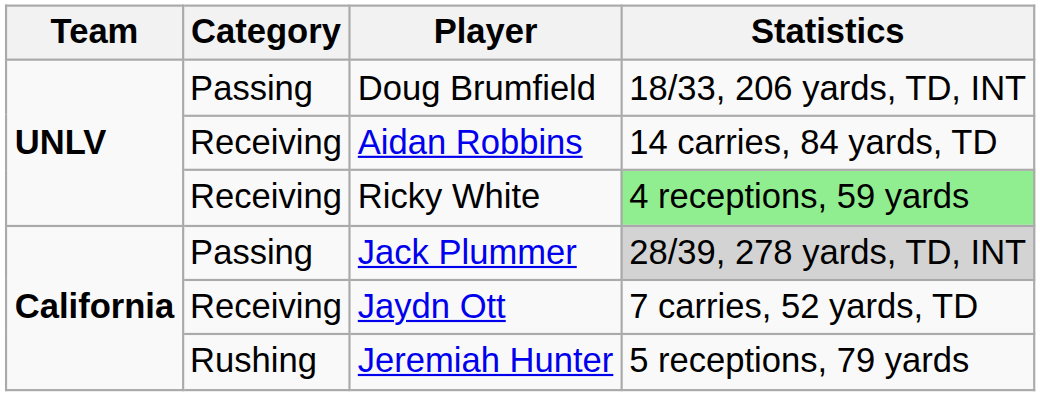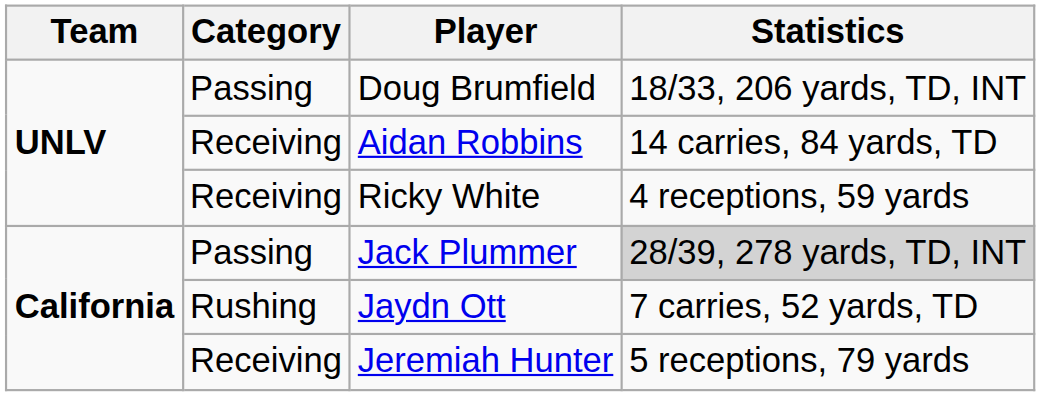 <table class="wikitable" style="float: right;">
 <tr>
 <th>Team</th>
 <th>Category</th>
 <th>Player</th>
 <th>Statistics</th>
 </tr>
 <tr>
 <td rowspan=3><strong>UNLV</strong></td>
 <td>Passing</td>
 <td>Doug Brumfield</td>
 <td>18/33, 206 yards, TD, INT</td>
 </tr>
 <tr>
 <td>Receiving</td>
 <td><a href='#'>Aidan Robbins</a></td>
 <td>14 carries, 84 yards, TD</td>
 </tr>
 <tr>
 <td>Receiving</td>
 <td>Ricky White</td>
-<td style="background: lightgreen;">4 receptions, 59 yards</td>
+<td>4 receptions, 59 yards</td>
 </tr>
 <tr>
 <td rowspan=3><strong>California</strong></td>
 <td>Passing</td>
 <td><a href='#'>Jack Plummer</a></td>
 <td style="background: lightgrey;">28/39, 278 yards, TD, INT</td>
 </tr>
 <tr>
-<td>Receiving</td>
+<td>Rushing</td>
 <td><a href='#'>Jaydn Ott</a></td>
 <td>7 carries, 52 yards, TD</td>
 </tr>
 <tr>
-<td>Rushing</td>
+<td>Receiving</td>
 <td><a href='#'>Jeremiah Hunter</a></td>
 <td>5 receptions, 79 yards</td>
 </tr>
 </table>
